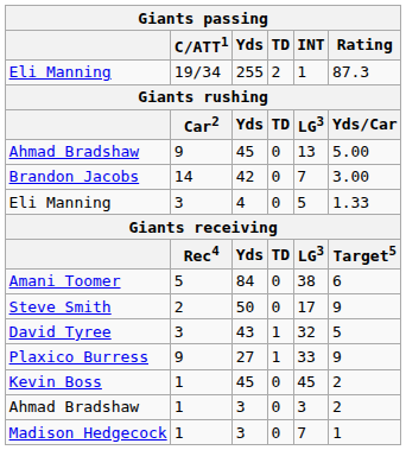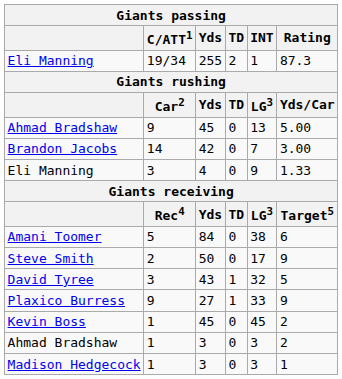 <table class="wikitable" style="display:inline-table;">
 <tr>
 <th colspan="6">Giants passing</th>
 </tr>
 <tr>
 <th></th>
 <th>C/ATT<sup>1</sup></th>
 <th>Yds</th>
 <th>TD</th>
 <th>INT</th>
 <th>Rating</th>
 </tr>
 <tr>
 <td><a href='#'>Eli Manning</a></td>
 <td>19/34</td>
 <td>255</td>
 <td>2</td>
 <td>1</td>
 <td>87.3</td>
 </tr>
 <tr>
 <th colspan="6">Giants rushing</th>
 </tr>
 <tr>
 <th></th>
 <th>Car<sup>2</sup></th>
 <th>Yds</th>
 <th>TD</th>
 <th>LG<sup>3</sup></th>
 <th>Yds/Car</th>
 </tr>
 <tr>
 <td><a href='#'>Ahmad Bradshaw</a></td>
 <td>9</td>
 <td>45</td>
 <td>0</td>
 <td>13</td>
 <td>5.00</td>
 </tr>
 <tr>
 <td><a href='#'>Brandon Jacobs</a></td>
 <td>14</td>
 <td>42</td>
 <td>0</td>
 <td>7</td>
 <td>3.00</td>
 </tr>
 <tr>
 <td>Eli Manning</td>
 <td>3</td>
 <td>4</td>
 <td>0</td>
-<td>5</td>
+<td>9</td>
 <td>1.33</td>
 </tr>
 <tr>
 <th colspan="6">Giants receiving</th>
 </tr>
 <tr>
 <th></th>
 <th>Rec<sup>4</sup></th>
 <th>Yds</th>
 <th>TD</th>
 <th>LG<sup>3</sup></th>
 <th>Target<sup>5</sup></th>
 </tr>
 <tr>
 <td><a href='#'>Amani Toomer</a></td>
 <td>5</td>
 <td>84</td>
 <td>0</td>
 <td>38</td>
 <td>6</td>
 </tr>
 <tr>
 <td><a href='#'>Steve Smith</a></td>
 <td>2</td>
 <td>50</td>
 <td>0</td>
 <td>17</td>
 <td>9</td>
 </tr>
 <tr>
 <td><a href='#'>David Tyree</a></td>
 <td>3</td>
 <td>43</td>
 <td>1</td>
 <td>32</td>
 <td>5</td>
 </tr>
 <tr>
 <td><a href='#'>Plaxico Burress</a></td>
 <td>9</td>
 <td>27</td>
 <td>1</td>
 <td>33</td>
 <td>9</td>
 </tr>
 <tr>
 <td><a href='#'>Kevin Boss</a></td>
 <td>1</td>
 <td>45</td>
 <td>0</td>
 <td>45</td>
 <td>2</td>
 </tr>
 <tr>
 <td>Ahmad Bradshaw</td>
 <td>1</td>
 <td>3</td>
 <td>0</td>
 <td>3</td>
 <td>2</td>
 </tr>
 <tr>
 <td><a href='#'>Madison Hedgecock</a></td>
 <td>1</td>
 <td>3</td>
 <td>0</td>
-<td>7</td>
+<td>3</td>
 <td>1</td>
 </tr>
 </table>
